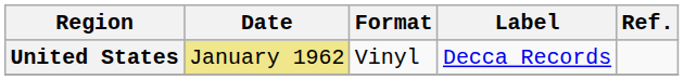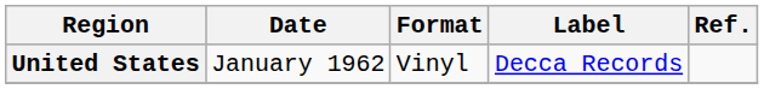 <table class="wikitable plainrowheaders">
 <tr>
 <th scope="col">Region</th>
 <th scope="col">Date</th>
 <th scope="col">Format</th>
 <th scope="col">Label</th>
 <th scope="col">Ref.</th>
 </tr>
 <tr>
 <th scope="row">United States</th>
-<td style="background: khaki;">January 1962</td>
+<td>January 1962</td>
 <td>Vinyl</td>
 <td><a href='#'>Decca Records</a></td>
 <td></td>
 </tr>
 <tr>
 </tr>
 </table>
